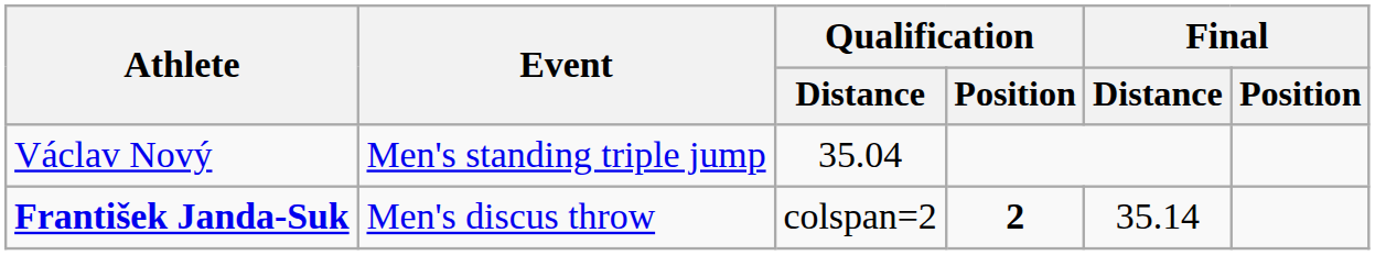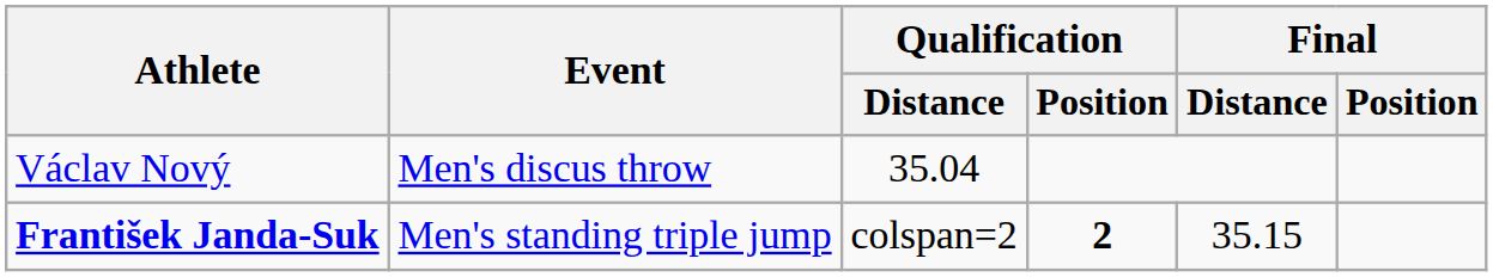 <table class=wikitable style=font-size:90%;text-align:center>
 <tr>
 <th rowspan=2>Athlete</th>
 <th rowspan=2>Event</th>
 <th colspan=2>Qualification</th>
 <th colspan=2>Final</th>
 </tr>
 <tr style=font-size:95%>
 <th>Distance</th>
 <th>Position</th>
 <th>Distance</th>
 <th>Position</th>
 </tr>
 <tr>
 <td align=left><a href='#'>Václav Nový</a></td>
-<td align=left><a href='#'>Men's standing triple jump</a></td>
+<td align=left><a href='#'>Men's discus throw</a></td>
 <td>35.04</td>
 <td colspan=2></td>
 </tr>
 <tr>
 <td align=left><strong><a href='#'>František Janda-Suk</a></strong></td>
-<td align=left><a href='#'>Men's discus throw</a></td>
+<td align=left><a href='#'>Men's standing triple jump</a></td>
 <td>colspan=2 </td>
 <td><strong>2</strong></td>
-<td>35.14</td>
+<td>35.15</td>
 <td></td>
 </tr>
 </table>
